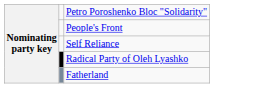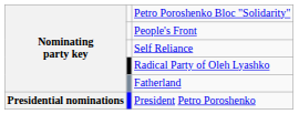 <table class=wikitable>
 <tr>
 <th rowspan=5>Nominating<br>party key</th>
 <td style="background:"></td>
 <td><a href='#'>Petro Poroshenko Bloc "Solidarity"</a></td>
 </tr>
 <tr>
 <td style="background:"></td>
 <td><a href='#'>People's Front</a></td>
 </tr>
 <tr>
 <td style="background:"></td>
 <td><a href='#'>Self Reliance</a></td>
 </tr>
 <tr>
 <td style="background:black"></td>
 <td><a href='#'>Radical Party of Oleh Lyashko</a></td>
 </tr>
 <tr>
 <td style="background:LightSlateGray"></td>
 <td><a href='#'>Fatherland</a></td>
 </tr>
+<tr>
+<th rowspan=>Presidential nominations</th>
+<td style="background:blue"></td>
+<td><a href='#'>President</a> <a href='#'>Petro Poroshenko</a></td>
+</tr>
 </table>
